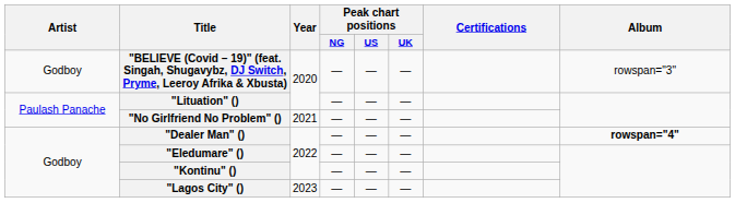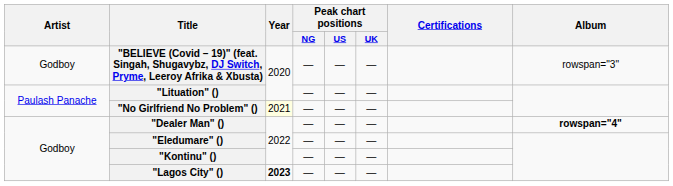 <table class="wikitable plainrowheaders" style="text-align:center;" border="1">
 <tr>
 <th scope="col" rowspan="2" style="width:10em;">Artist</th>
 <th scope="col" rowspan="2" style="width:15em;">Title</th>
 <th scope="col" rowspan="2" style="width:1em;">Year</th>
 <th scope="col" colspan="3">Peak chart positions</th>
 <th scope="col" rowspan="2" style="width:12em;"><a href='#'>Certifications</a></th>
 <th scope="col" rowspan="2" style="width:15em;">Album</th>
 </tr>
 <tr>
 <th scope="col" style="width:3em;font-size:90%;"><a href='#'>NG</a><br></th>
 <th scope="col" style="width:3em;font-size:90%;"><a href='#'>US</a><br></th>
 <th scope="col" style="width:3em;font-size:90%;"><a href='#'>UK</a><br></th>
 </tr>
 <tr>
 <td>Godboy</td>
 <th scope="row">"BELIEVE (Covid – 19)" (feat. Singah, Shugavybz, <a href='#'>DJ Switch</a>, <a href='#'>Pryme</a>, Leeroy Afrika & Xbusta)</th>
 <td rowspan="2">2020</td>
 <td>—</td>
 <td>—</td>
 <td>—</td>
 <td></td>
 <td>rowspan="3" </td>
 </tr>
 <tr>
 <td rowspan="2"><a href='#'>Paulash Panache</a></td>
 <th scope="row">"Lituation" ()</th>
 <td>—</td>
 <td>—</td>
 <td>—</td>
 <td></td>
 </tr>
 <tr>
 <th scope="row">"No Girlfriend No Problem" ()</th>
-<td>2021</td>
+<td style="background: lightyellow;">2021</td>
 <td>—</td>
 <td>—</td>
 <td>—</td>
 <td></td>
 </tr>
 <tr>
 <td rowspan="4">Godboy</td>
 <th scope="row">"Dealer Man" ()</th>
 <td rowspan="3">2022</td>
 <td>—</td>
 <td>—</td>
 <td>—</td>
 <td></td>
 <td><strong>rowspan="4" </strong></td>
 </tr>
 <tr>
 <th scope="row">"Eledumare" ()</th>
 <td>—</td>
 <td>—</td>
 <td>—</td>
 <td></td>
 </tr>
 <tr>
 <th scope="row">"Kontinu" ()</th>
 <td>—</td>
 <td>—</td>
 <td>—</td>
 <td></td>
 </tr>
 <tr>
 <th scope="row">"Lagos City" ()</th>
-<td>2023</td>
+<td><strong>2023</strong></td>
 <td>—</td>
 <td>—</td>
 <td>—</td>
 <td></td>
 </tr>
 </table>
